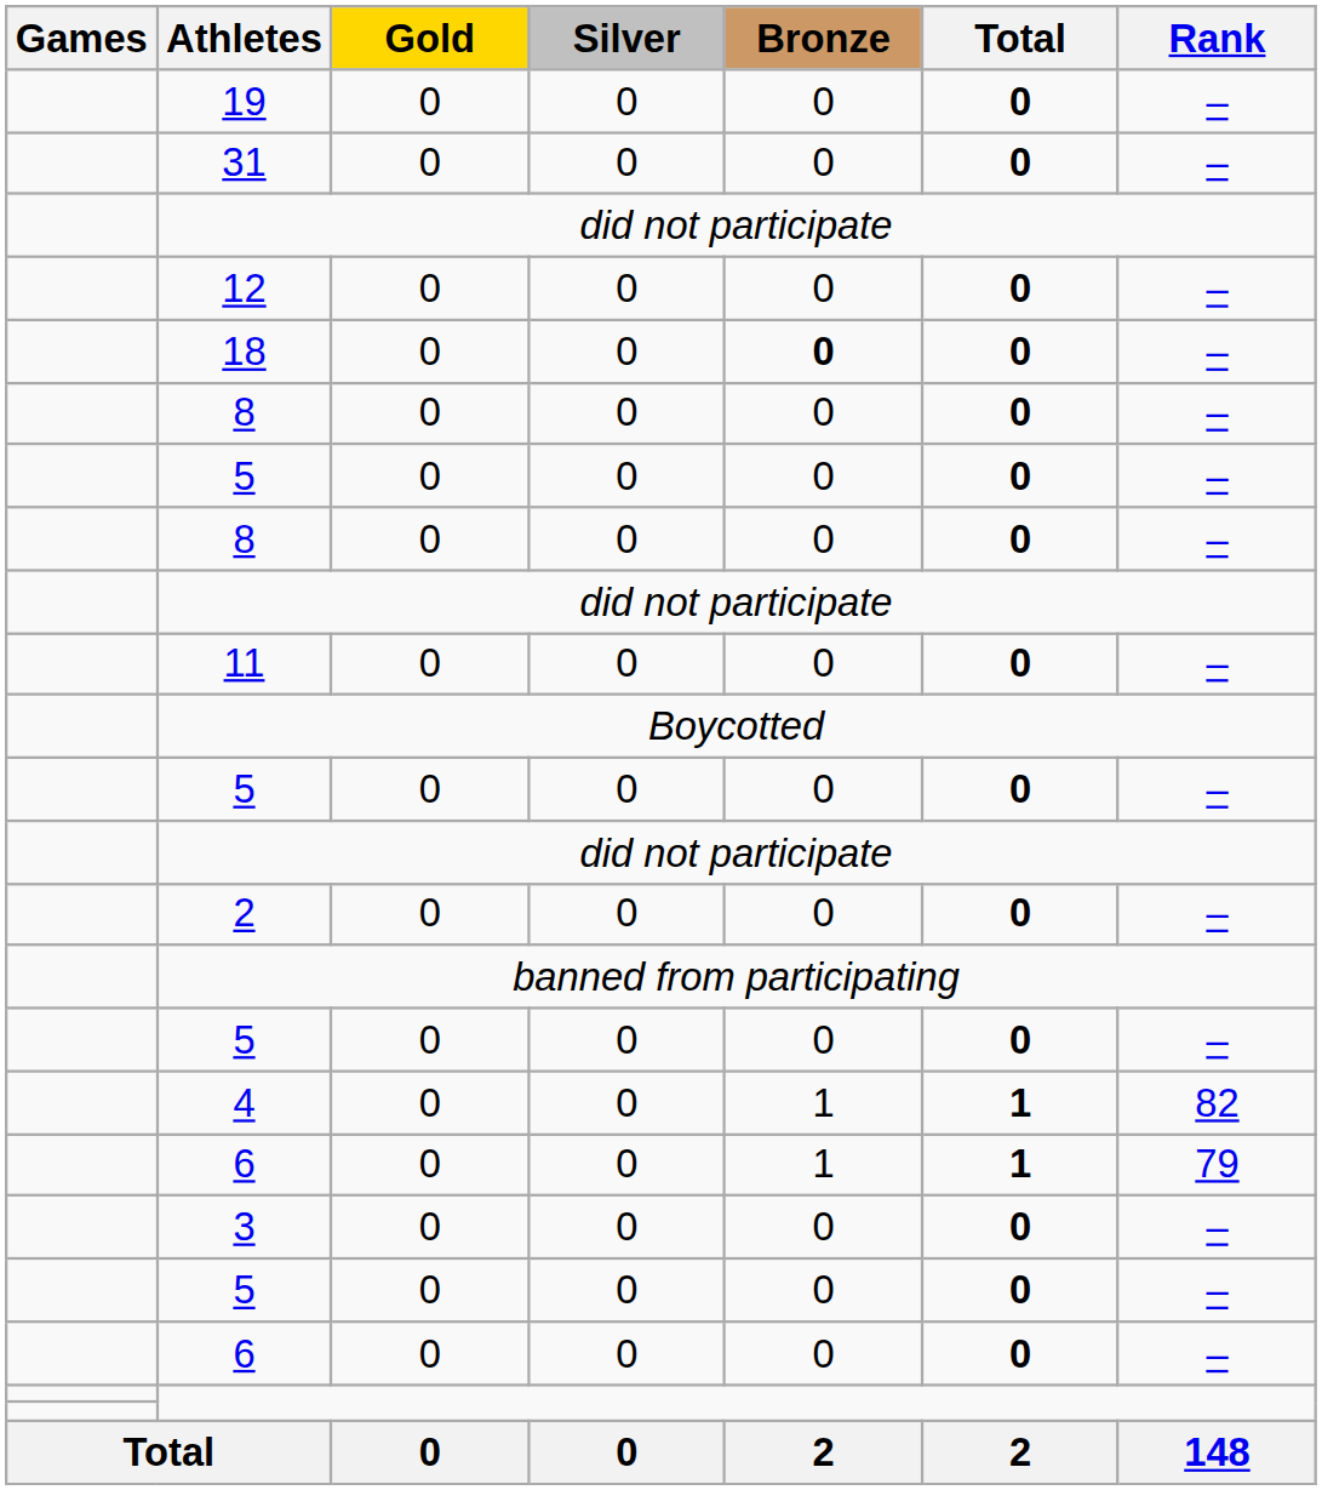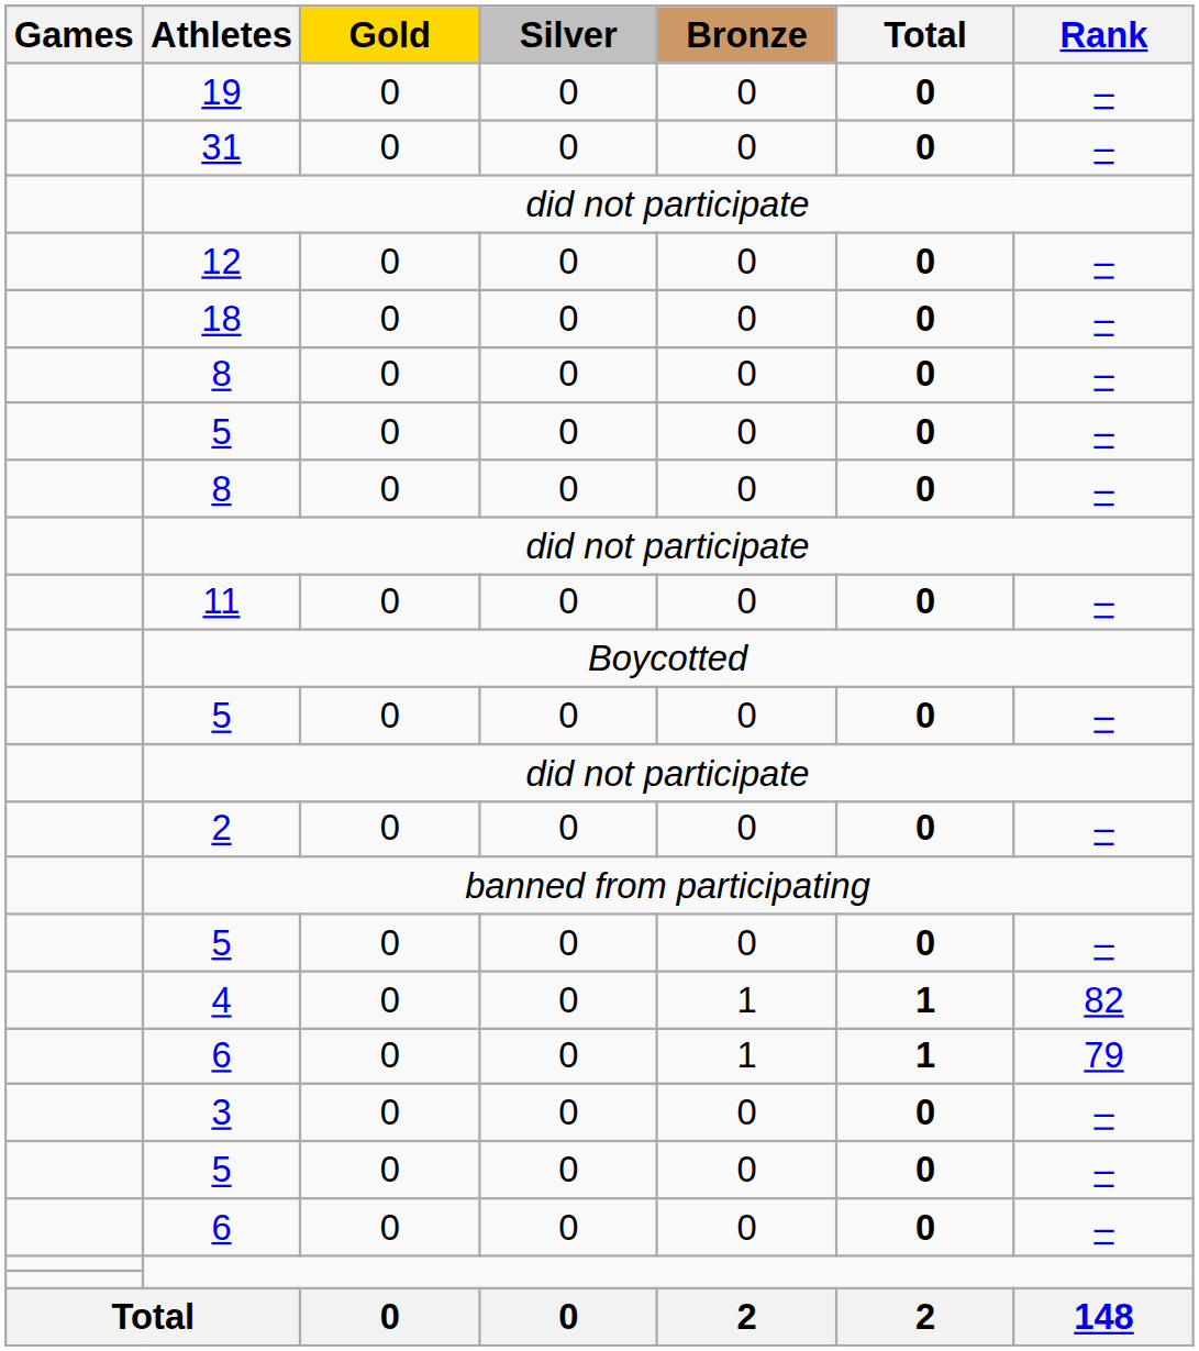 <table class="wikitable" style="text-align:center; font-size:90%;">
 <tr>
 <th>Games</th>
 <th>Athletes</th>
 <td style="background:gold; width:4.5em; font-weight:bold;">Gold</td>
 <td style="background:silver; width:4.5em; font-weight:bold;">Silver</td>
 <td style="background:#cc9966; width:4.5em; font-weight:bold;">Bronze</td>
 <th style="width:4.5em; font-weight:bold;">Total</th>
 <th style="width:4.5em; font-weight:bold;"><a href='#'>Rank</a></th>
 </tr>
 <tr>
 <td align=left></td>
 <td><a href='#'>19</a></td>
 <td>0</td>
 <td>0</td>
 <td>0</td>
 <td><strong>0</strong></td>
 <td><a href='#'>–</a></td>
 </tr>
 <tr>
 <td align=left></td>
 <td><a href='#'>31</a></td>
 <td>0</td>
 <td>0</td>
 <td>0</td>
 <td><strong>0</strong></td>
 <td><a href='#'>–</a></td>
 </tr>
 <tr>
 <td align=left></td>
 <td colspan=6><em>did not participate</em></td>
 </tr>
 <tr>
 <td align=left></td>
 <td><a href='#'>12</a></td>
 <td>0</td>
 <td>0</td>
 <td>0</td>
 <td><strong>0</strong></td>
 <td><a href='#'>–</a></td>
 </tr>
 <tr>
 <td align=left></td>
 <td><a href='#'>18</a></td>
 <td>0</td>
 <td>0</td>
-<td><strong>0</strong></td>
+<td>0</td>
 <td><strong>0</strong></td>
 <td><a href='#'>–</a></td>
 </tr>
 <tr>
 <td align=left></td>
 <td><a href='#'>8</a></td>
 <td>0</td>
 <td>0</td>
 <td>0</td>
 <td><strong>0</strong></td>
 <td><a href='#'>–</a></td>
 </tr>
 <tr>
 <td align=left></td>
 <td><a href='#'>5</a></td>
 <td>0</td>
 <td>0</td>
 <td>0</td>
 <td><strong>0</strong></td>
 <td><a href='#'>–</a></td>
 </tr>
 <tr>
 <td align=left></td>
 <td><a href='#'>8</a></td>
 <td>0</td>
 <td>0</td>
 <td>0</td>
 <td><strong>0</strong></td>
 <td><a href='#'>–</a></td>
 </tr>
 <tr>
 <td align=left></td>
 <td colspan=6><em>did not participate</em></td>
 </tr>
 <tr>
 <td align=left></td>
 <td><a href='#'>11</a></td>
 <td>0</td>
 <td>0</td>
 <td>0</td>
 <td><strong>0</strong></td>
 <td><a href='#'>–</a></td>
 </tr>
 <tr>
 <td align=left></td>
 <td colspan=6><em>Boycotted</em></td>
 </tr>
 <tr>
 <td align=left></td>
 <td><a href='#'>5</a></td>
 <td>0</td>
 <td>0</td>
 <td>0</td>
 <td><strong>0</strong></td>
 <td><a href='#'>–</a></td>
 </tr>
 <tr>
 <td align=left></td>
 <td colspan=6><em>did not participate</em></td>
 </tr>
 <tr>
 <td align=left></td>
 <td><a href='#'>2</a></td>
 <td>0</td>
 <td>0</td>
 <td>0</td>
 <td><strong>0</strong></td>
 <td><a href='#'>–</a></td>
 </tr>
 <tr>
 <td align=left></td>
 <td colspan=6><em>banned from participating</em></td>
 </tr>
 <tr>
 <td align=left></td>
 <td><a href='#'>5</a></td>
 <td>0</td>
 <td>0</td>
 <td>0</td>
 <td><strong>0</strong></td>
 <td><a href='#'>–</a></td>
 </tr>
 <tr>
 <td align=left></td>
 <td><a href='#'>4</a></td>
 <td>0</td>
 <td>0</td>
 <td>1</td>
 <td><strong>1</strong></td>
 <td><a href='#'>82</a></td>
 </tr>
 <tr>
 <td align=left></td>
 <td><a href='#'>6</a></td>
 <td>0</td>
 <td>0</td>
 <td>1</td>
 <td><strong>1</strong></td>
 <td><a href='#'>79</a></td>
 </tr>
 <tr>
 <td align=left></td>
 <td><a href='#'>3</a></td>
 <td>0</td>
 <td>0</td>
 <td>0</td>
 <td><strong>0</strong></td>
 <td><a href='#'>–</a></td>
 </tr>
 <tr>
 <td align=left></td>
 <td><a href='#'>5</a></td>
 <td>0</td>
 <td>0</td>
 <td>0</td>
 <td><strong>0</strong></td>
 <td><a href='#'>–</a></td>
 </tr>
 <tr>
 <td align=left></td>
 <td><a href='#'>6</a></td>
 <td>0</td>
 <td>0</td>
 <td>0</td>
 <td><strong>0</strong></td>
 <td><a href='#'>–</a></td>
 </tr>
 <tr>
 <td align=left></td>
 </tr>
 <tr>
 <td align=left></td>
 </tr>
 <tr>
 <th colspan=2>Total</th>
 <th>0</th>
 <th>0</th>
 <th>2</th>
 <th>2</th>
 <th><a href='#'>148</a></th>
 </tr>
 </table>
